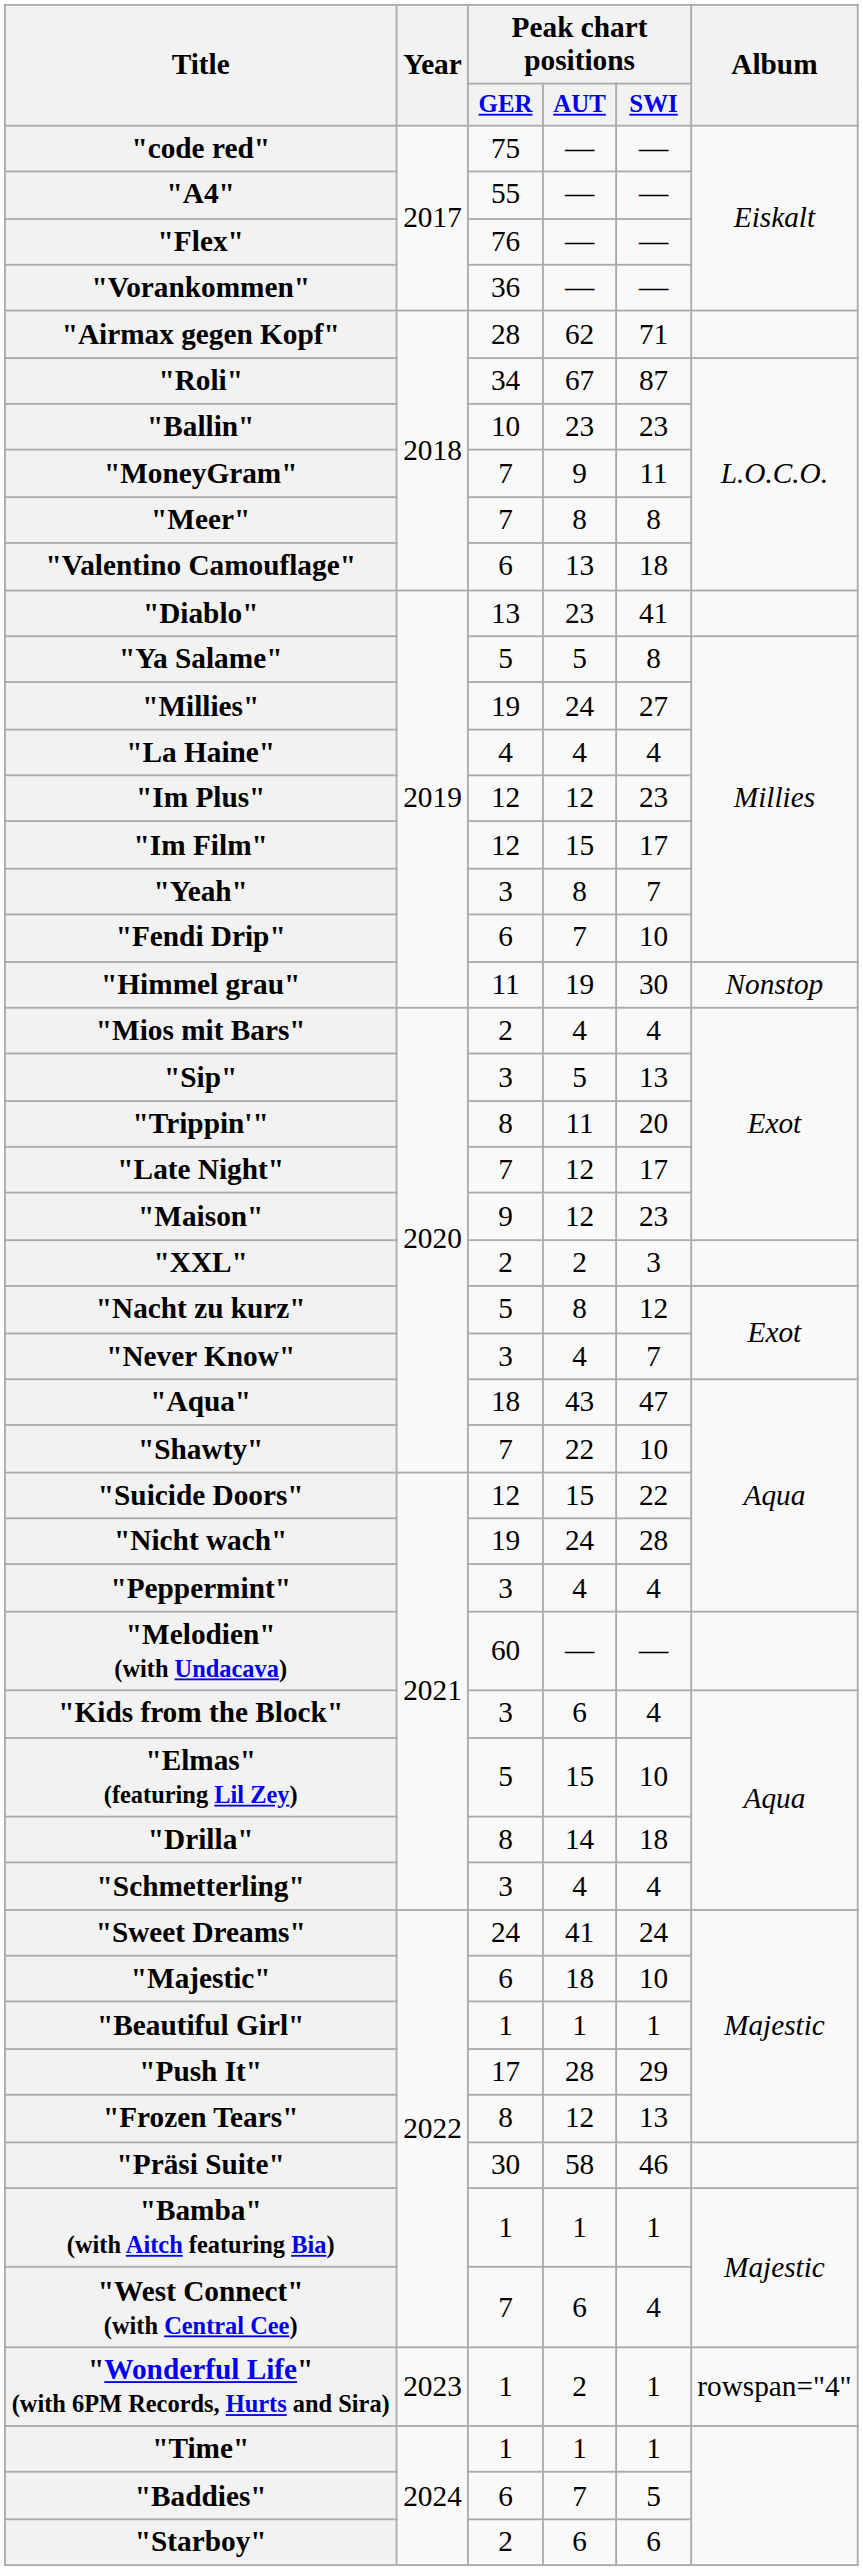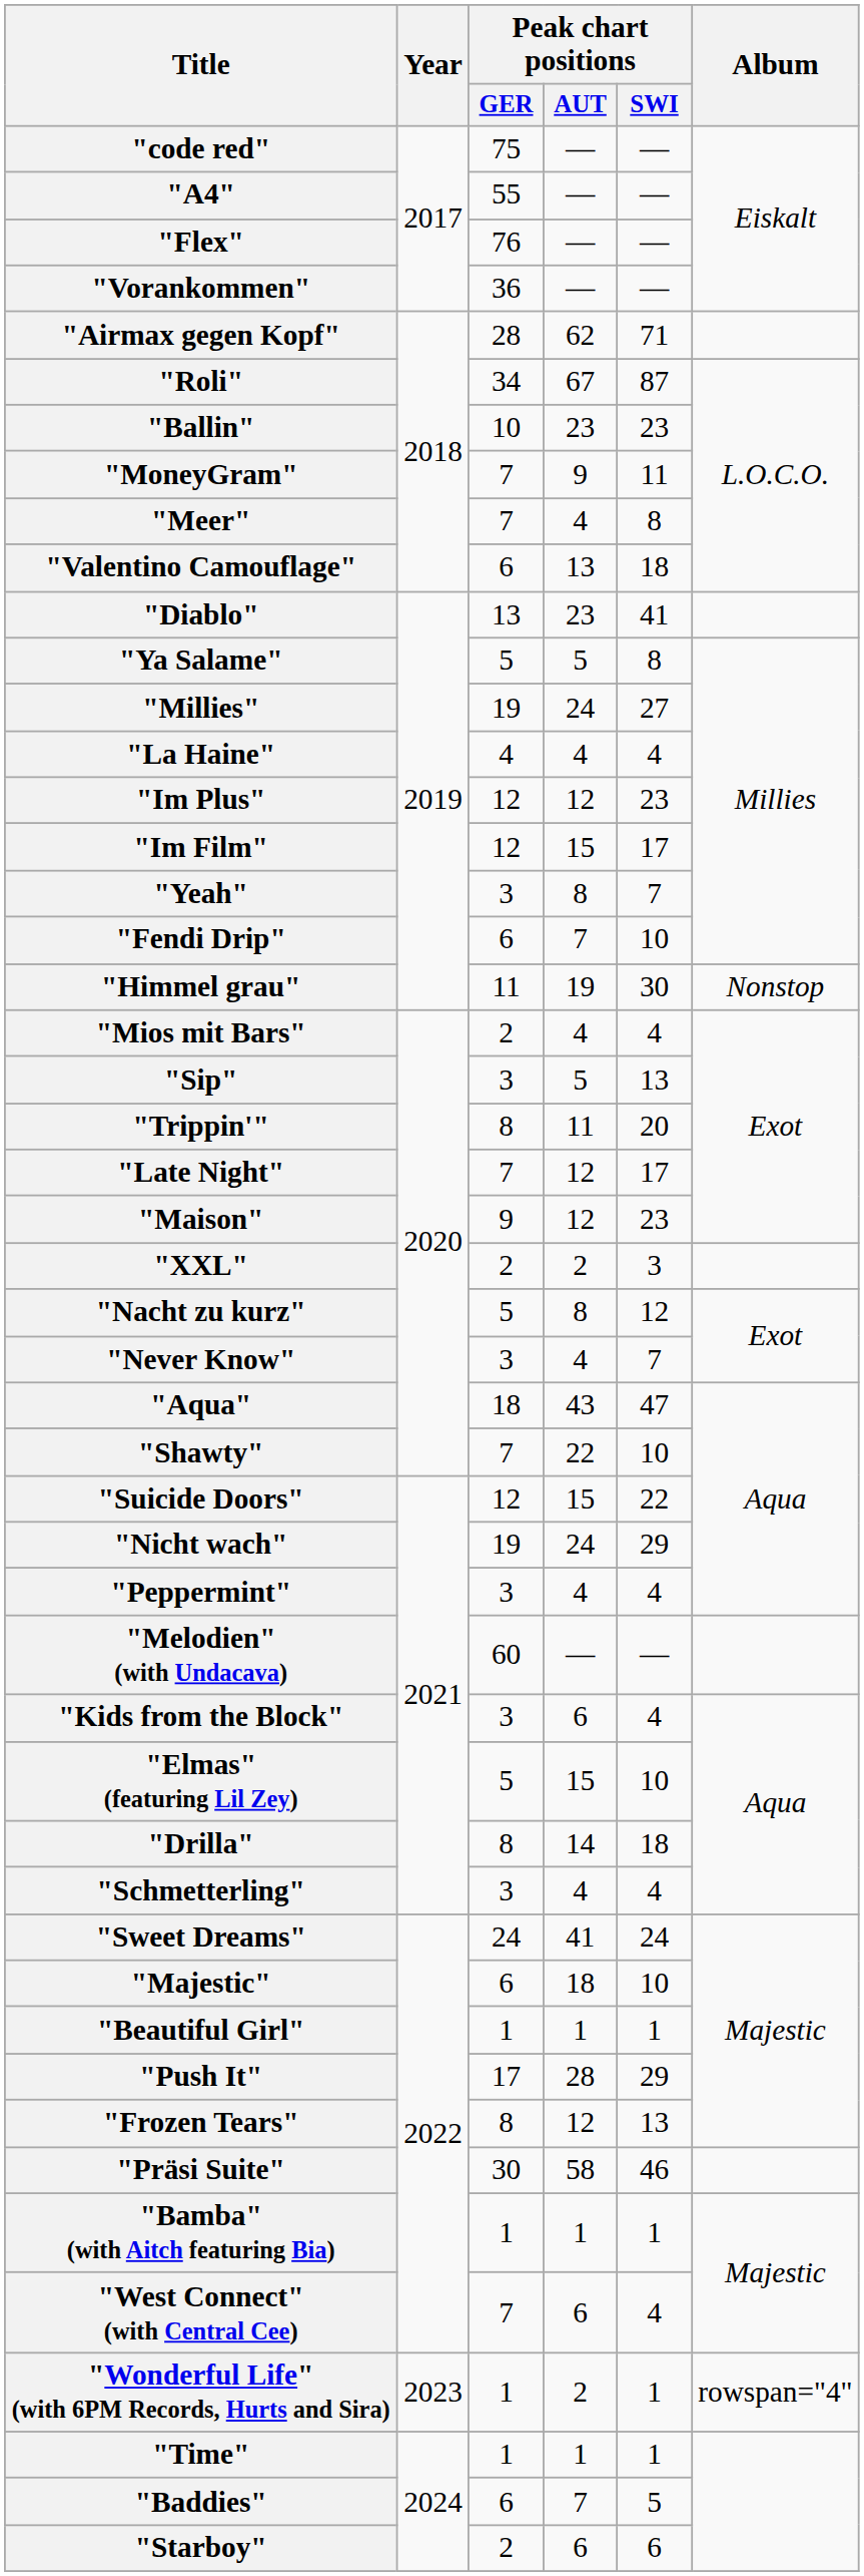 <table class="wikitable plainrowheaders" style="text-align:center;">
 <tr>
 <th scope="col" rowspan="2">Title</th>
 <th scope="col" rowspan="2">Year</th>
 <th scope="col" colspan="3">Peak chart positions<br></th>
 <th scope="col" rowspan="2">Album</th>
 </tr>
 <tr>
 <th style="width:2.5em; font-size:85%"><a href='#'>GER</a><br></th>
 <th style="width:2.5em; font-size:85%"><a href='#'>AUT</a><br></th>
 <th style="width:2.5em; font-size:85%"><a href='#'>SWI</a><br></th>
 </tr>
 <tr>
 <th scope="row">"code red"</th>
 <td rowspan="4">2017</td>
 <td>75</td>
 <td>—</td>
 <td>—</td>
 <td rowspan="4"><em>Eiskalt</em></td>
 </tr>
 <tr>
 <th scope="row">"A4"</th>
 <td>55</td>
 <td>—</td>
 <td>—</td>
 </tr>
 <tr>
 <th scope="row">"Flex"</th>
 <td>76</td>
 <td>—</td>
 <td>—</td>
 </tr>
 <tr>
 <th scope="row">"Vorankommen"</th>
 <td>36</td>
 <td>—</td>
 <td>—</td>
 </tr>
 <tr>
 <th scope="row">"Airmax gegen Kopf"<br></th>
 <td rowspan="6">2018</td>
 <td>28</td>
 <td>62</td>
 <td>71</td>
 <td></td>
 </tr>
 <tr>
 <th scope="row">"Roli"</th>
 <td>34</td>
 <td>67</td>
 <td>87</td>
 <td rowspan="5"><em>L.O.C.O.</em></td>
 </tr>
 <tr>
 <th scope="row">"Ballin"</th>
 <td>10</td>
 <td>23</td>
 <td>23</td>
 </tr>
 <tr>
 <th scope="row">"MoneyGram"</th>
 <td>7</td>
 <td>9</td>
 <td>11</td>
 </tr>
 <tr>
 <th scope="row">"Meer"</th>
 <td>7</td>
-<td>8</td>
+<td>4</td>
 <td>8</td>
 </tr>
 <tr>
 <th scope="row">"Valentino Camouflage"<br></th>
 <td>6</td>
 <td>13</td>
 <td>18</td>
 </tr>
 <tr>
 <th scope="row">"Diablo"</th>
 <td rowspan="9">2019</td>
 <td>13</td>
 <td>23</td>
 <td>41</td>
 <td></td>
 </tr>
 <tr>
 <th scope="row">"Ya Salame"<br></th>
 <td>5</td>
 <td>5</td>
 <td>8</td>
 <td rowspan="7"><em>Millies</em></td>
 </tr>
 <tr>
 <th scope="row">"Millies"</th>
 <td>19</td>
 <td>24</td>
 <td>27</td>
 </tr>
 <tr>
 <th scope="row">"La Haine"</th>
 <td>4</td>
 <td>4</td>
 <td>4</td>
 </tr>
 <tr>
 <th scope="row">"Im Plus"</th>
 <td>12</td>
 <td>12</td>
 <td>23</td>
 </tr>
 <tr>
 <th scope="row">"Im Film"</th>
 <td>12</td>
 <td>15</td>
 <td>17</td>
 </tr>
 <tr>
 <th scope="row">"Yeah"</th>
 <td>3</td>
 <td>8</td>
 <td>7</td>
 </tr>
 <tr>
 <th scope="row">"Fendi Drip"<br></th>
 <td>6</td>
 <td>7</td>
 <td>10</td>
 </tr>
 <tr>
 <th scope="row">"Himmel grau"<br></th>
 <td>11</td>
 <td>19</td>
 <td>30</td>
 <td><em>Nonstop</em></td>
 </tr>
 <tr>
 <th scope="row">"Mios mit Bars"</th>
 <td rowspan="10">2020</td>
 <td>2</td>
 <td>4</td>
 <td>4</td>
 <td rowspan="5"><em>Exot</em></td>
 </tr>
 <tr>
 <th scope="row">"Sip"</th>
 <td>3</td>
 <td>5</td>
 <td>13</td>
 </tr>
 <tr>
 <th scope="row">"Trippin'"</th>
 <td>8</td>
 <td>11</td>
 <td>20</td>
 </tr>
 <tr>
 <th scope="row">"Late Night"</th>
 <td>7</td>
 <td>12</td>
 <td>17</td>
 </tr>
 <tr>
 <th scope="row">"Maison"</th>
 <td>9</td>
 <td>12</td>
 <td>23</td>
 </tr>
 <tr>
 <th scope="row">"XXL"<br></th>
 <td>2</td>
 <td>2</td>
 <td>3</td>
 <td></td>
 </tr>
 <tr>
 <th scope="row">"Nacht zu kurz"</th>
 <td>5</td>
 <td>8</td>
 <td>12</td>
 <td rowspan="2"><em>Exot</em></td>
 </tr>
 <tr>
 <th scope="row">"Never Know"<br></th>
 <td>3</td>
 <td>4</td>
 <td>7</td>
 </tr>
 <tr>
 <th scope="row">"Aqua"</th>
 <td>18</td>
 <td>43</td>
 <td>47</td>
 <td rowspan="5"><em>Aqua</em></td>
 </tr>
 <tr>
 <th scope="row">"Shawty"</th>
 <td>7</td>
 <td>22</td>
 <td>10</td>
 </tr>
 <tr>
 <th scope="row">"Suicide Doors"</th>
 <td rowspan="8">2021</td>
 <td>12</td>
 <td>15</td>
 <td>22</td>
 </tr>
 <tr>
 <th scope="row">"Nicht wach"</th>
 <td>19</td>
 <td>24</td>
-<td>28</td>
+<td>29</td>
 </tr>
 <tr>
 <th scope="row">"Peppermint"</th>
 <td>3</td>
 <td>4</td>
 <td>4</td>
 </tr>
 <tr>
 <th scope="row">"Melodien"<br><small>(with <a href='#'>Undacava</a>)</small></th>
 <td>60</td>
 <td>—</td>
 <td>—</td>
 <td></td>
 </tr>
 <tr>
 <th scope="row">"Kids from the Block"</th>
 <td>3</td>
 <td>6</td>
 <td>4</td>
 <td rowspan="4"><em>Aqua</em></td>
 </tr>
 <tr>
 <th scope="row">"Elmas"<br><small>(featuring <a href='#'>Lil Zey</a>)</small></th>
 <td>5</td>
 <td>15</td>
 <td>10</td>
 </tr>
 <tr>
 <th scope="row">"Drilla"</th>
 <td>8</td>
 <td>14</td>
 <td>18</td>
 </tr>
 <tr>
 <th scope="row">"Schmetterling"</th>
 <td>3</td>
 <td>4</td>
 <td>4</td>
 </tr>
 <tr>
 <th scope="row">"Sweet Dreams"</th>
 <td rowspan="8">2022</td>
 <td>24</td>
 <td>41</td>
 <td>24</td>
 <td rowspan="5"><em>Majestic</em></td>
 </tr>
 <tr>
 <th scope="row">"Majestic"</th>
 <td>6</td>
 <td>18</td>
 <td>10</td>
 </tr>
 <tr>
 <th scope="row">"Beautiful Girl"</th>
 <td>1</td>
 <td>1</td>
 <td>1</td>
 </tr>
 <tr>
 <th scope="row">"Push It"</th>
 <td>17</td>
 <td>28</td>
 <td>29</td>
 </tr>
 <tr>
 <th scope="row">"Frozen Tears"</th>
 <td>8</td>
 <td>12</td>
 <td>13</td>
 </tr>
 <tr>
 <th scope="row">"Präsi Suite"</th>
 <td>30</td>
 <td>58</td>
 <td>46</td>
 <td></td>
 </tr>
 <tr>
 <th scope="row">"Bamba"<br><small>(with <a href='#'>Aitch</a> featuring <a href='#'>Bia</a>)</small></th>
 <td>1</td>
 <td>1</td>
 <td>1</td>
 <td rowspan="2"><em>Majestic</em></td>
 </tr>
 <tr>
 <th scope="row">"West Connect"<br><small>(with <a href='#'>Central Cee</a>)</small></th>
 <td>7</td>
 <td>6</td>
 <td>4</td>
 </tr>
 <tr>
 <th scope="row">"<a href='#'>Wonderful Life</a>"<br><small>(with 6PM Records, <a href='#'>Hurts</a> and Sira)</small></th>
 <td>2023</td>
 <td>1</td>
 <td>2</td>
 <td>1</td>
 <td>rowspan="4" </td>
 </tr>
 <tr>
 <th scope="row">"Time"</th>
 <td rowspan="3">2024</td>
 <td>1</td>
 <td>1</td>
 <td>1</td>
 </tr>
 <tr>
 <th scope="row">"Baddies"<br></th>
 <td>6</td>
 <td>7</td>
 <td>5</td>
 </tr>
 <tr>
 <th scope="row">"Starboy"<br></th>
 <td>2</td>
 <td>6</td>
 <td>6</td>
 </tr>
 </table>
